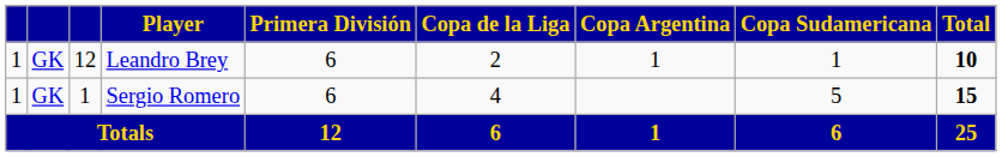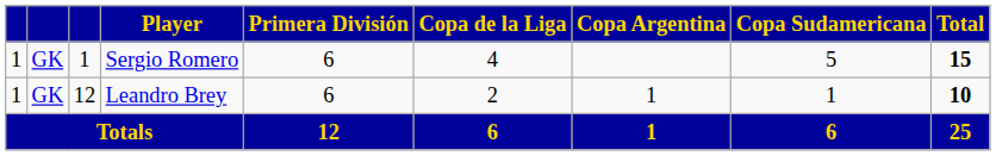 <table class="wikitable sortable" style="font-size: 95%; text-align: center;">
 <tr>
 <th style="background:#00009B; color:gold; width=15"></th>
 <th style="background:#00009B; color:gold; width=15"></th>
 <th style="background:#00009B; color:gold; width=15"></th>
 <th style="background:#00009B; color:gold; width=15 width=150">Player</th>
 <th style="background:#00009B; color:gold; width=15 width=75">Primera División</th>
 <th style="background:#00009B; color:gold; width=15 width=75">Copa de la Liga</th>
 <th style="background:#00009B; color:gold; width=15 width=75">Copa Argentina</th>
 <th style="background:#00009B; color:gold; width=15 width=75">Copa Sudamericana</th>
 <th style="background:#00009B; color:gold; width=15 width=75">Total</th>
 </tr>
 <tr>
 <td>1</td>
 <td><a href='#'>GK</a></td>
+<td>1</td>
+<td align=left> <a href='#'>Sergio Romero</a></td>
+<td>6</td>
+<td>4</td>
+<td></td>
+<td>5</td>
+<td><strong>15</strong></td>
+</tr>
+<tr>
+<td>1</td>
+<td><a href='#'>GK</a></td>
 <td>12</td>
 <td align=left> <a href='#'>Leandro Brey</a></td>
 <td>6</td>
 <td>2</td>
 <td>1</td>
 <td>1</td>
 <td><strong>10</strong></td>
-</tr>
-<tr>
-<td>1</td>
-<td><a href='#'>GK</a></td>
-<td>1</td>
-<td align=left> <a href='#'>Sergio Romero</a></td>
-<td>6</td>
-<td>4</td>
-<td></td>
-<td>5</td>
-<td><strong>15</strong></td>
 </tr>
 <tr align=center>
 <th style="background:#00009B; color:gold"; colspan=4><strong>Totals</strong></th>
 <th style="background:#00009B; color:gold";><strong>12</strong></th>
 <th style="background:#00009B; color:gold";><strong>6</strong></th>
 <th style="background:#00009B; color:gold";><strong>1</strong></th>
 <th style="background:#00009B; color:gold";><strong>6</strong></th>
 <th style="background:#00009B; color:gold";><strong>25</strong></th>
 </tr>
 </table>
